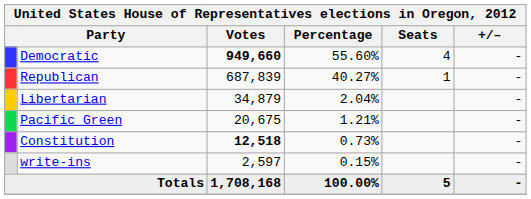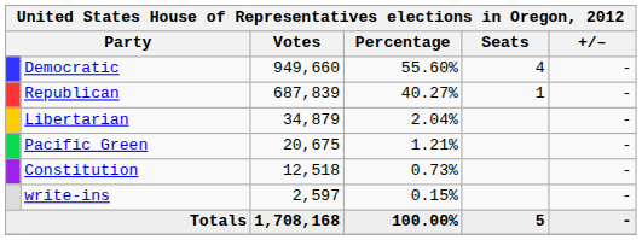 <table class="wikitable" style="font-size: 95%;">
 <tr>
 <th colspan="6">United States House of Representatives elections in Oregon, 2012</th>
 </tr>
 <tr>
 <th colspan=2 style="width: 15em">Party</th>
 <th style="width: 5em">Votes</th>
 <th style="width: 7em">Percentage</th>
 <th style="width: 5em">Seats</th>
 <th style="width: 5em">+/–</th>
 </tr>
 <tr>
 <th style="background-color:#3333FF; width: 3px"></th>
 <td style="width: 130px"><a href='#'>Democratic</a></td>
-<td align="right"><strong>949,660</strong></td>
+<td align="right">949,660</td>
 <td align="right">55.60%</td>
 <td align="right">4</td>
 <td align="right">-</td>
 </tr>
 <tr>
 <th style="background-color:#FF3333; width: 3px"></th>
 <td style="width: 130px"><a href='#'>Republican</a></td>
 <td align="right">687,839</td>
 <td align="right">40.27%</td>
 <td align="right">1</td>
 <td align="right">-</td>
 </tr>
 <tr>
 <th style="background-color:#FFCC00; width: 3px"></th>
 <td style="width: 130px"><a href='#'>Libertarian</a></td>
 <td align="right">34,879</td>
 <td align="right">2.04%</td>
 <td align="right"></td>
 <td align="right">-</td>
 </tr>
 <tr>
 <th style="background-color:#0BDA51; width: 3px"></th>
 <td style="width: 130px"><a href='#'>Pacific Green</a></td>
 <td align="right">20,675</td>
 <td align="right">1.21%</td>
 <td align="right"></td>
 <td align="right">-</td>
 </tr>
 <tr>
 <th style="background-color:#A020F0; width: 3px"></th>
 <td style="width: 130px"><a href='#'>Constitution</a></td>
-<td align="right"><strong>12,518</strong></td>
+<td align="right">12,518</td>
 <td align="right">0.73%</td>
 <td align="right"></td>
 <td align="right">-</td>
 </tr>
 <tr>
 <th style="background-color:#DDDDDD; width: 3px"></th>
 <td style="width: 130px"><a href='#'>write-ins</a></td>
 <td align="right">2,597</td>
 <td align="right">0.15%</td>
 <td align="right"></td>
 <td align="right">-</td>
 </tr>
 <tr bgcolor="#EEEEEE">
 <td colspan="2" align="right"><strong>Totals</strong></td>
 <td align="right"><strong>1,708,168</strong></td>
 <td align="right"><strong>100.00%</strong></td>
 <td align="right"><strong>5</strong></td>
 <td align="right"><strong>-</strong></td>
 </tr>
 <tr bgcolor="#EEEEEE">
 </tr>
 </table>
